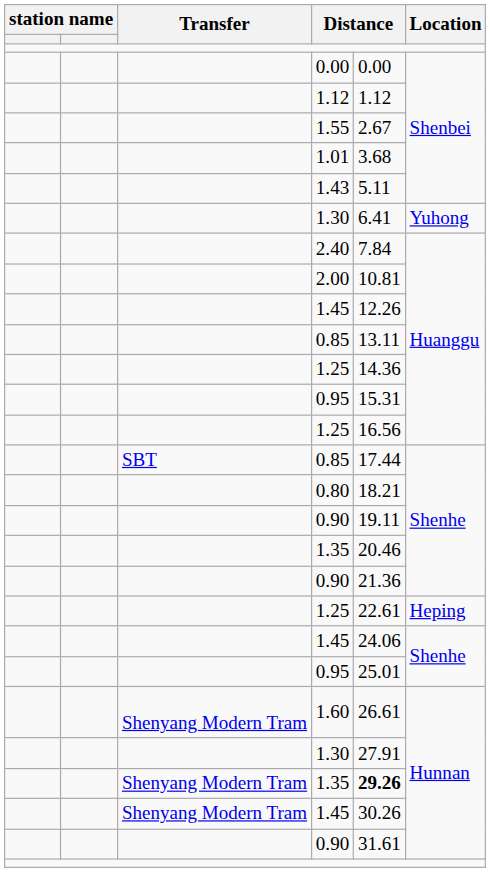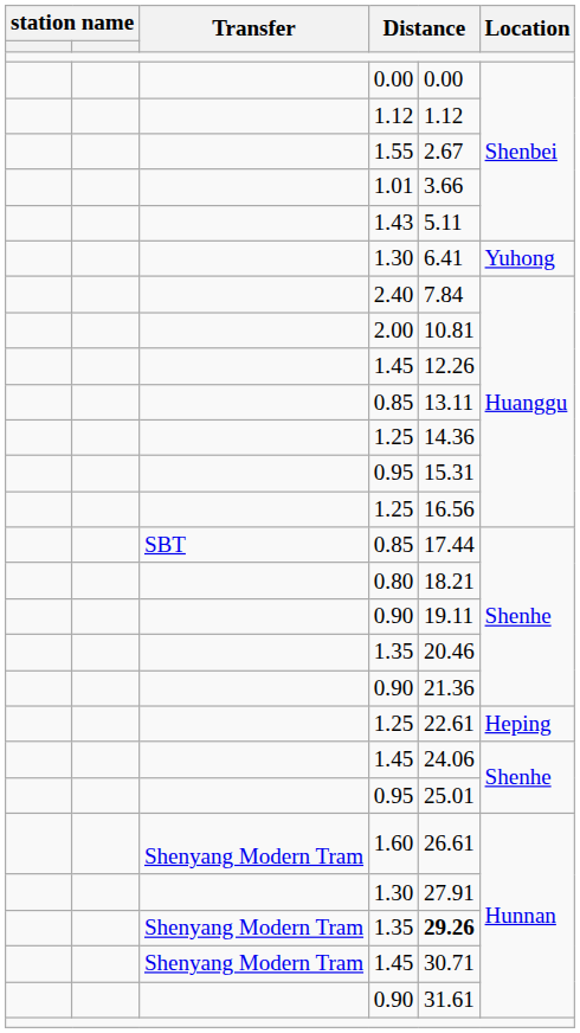 <table class="wikitable">
 <tr>
 <th colspan=2>station name</th>
 <th rowspan=2>Transfer</th>
 <th colspan="2" rowspan="2">Distance<br></th>
 <th rowspan=2>Location</th>
 </tr>
 <tr>
 <th></th>
 <th></th>
 </tr>
 <tr style="background:#">
 <td colspan = "6"></td>
 </tr>
 <tr>
 <td></td>
 <td></td>
 <td></td>
 <td>0.00</td>
 <td>0.00</td>
 <td rowspan="5"><a href='#'>Shenbei</a></td>
 </tr>
 <tr>
 <td></td>
 <td></td>
 <td></td>
 <td>1.12</td>
 <td>1.12</td>
 </tr>
 <tr>
 <td></td>
 <td></td>
 <td></td>
 <td>1.55</td>
 <td>2.67</td>
 </tr>
 <tr>
 <td></td>
 <td></td>
 <td></td>
 <td>1.01</td>
-<td>3.68</td>
+<td>3.66</td>
 </tr>
 <tr>
 <td></td>
 <td></td>
 <td></td>
 <td>1.43</td>
 <td>5.11</td>
 </tr>
 <tr>
 <td></td>
 <td></td>
 <td></td>
 <td>1.30</td>
 <td>6.41</td>
 <td rowspan="1"><a href='#'>Yuhong</a></td>
 </tr>
 <tr>
 <td></td>
 <td></td>
 <td></td>
 <td>2.40</td>
 <td>7.84</td>
 <td rowspan="7"><a href='#'>Huanggu</a></td>
 </tr>
 <tr>
 <td></td>
 <td></td>
 <td></td>
 <td>2.00</td>
 <td>10.81</td>
 </tr>
 <tr>
 <td></td>
 <td></td>
 <td></td>
 <td>1.45</td>
 <td>12.26</td>
 </tr>
 <tr>
 <td></td>
 <td></td>
 <td></td>
 <td>0.85</td>
 <td>13.11</td>
 </tr>
 <tr>
 <td></td>
 <td></td>
 <td></td>
 <td>1.25</td>
 <td>14.36</td>
 </tr>
 <tr>
 <td></td>
 <td></td>
 <td></td>
 <td>0.95</td>
 <td>15.31</td>
 </tr>
 <tr>
 <td></td>
 <td></td>
 <td></td>
 <td>1.25</td>
 <td>16.56</td>
 </tr>
 <tr>
 <td></td>
 <td></td>
 <td> <a href='#'>SBT</a></td>
 <td>0.85</td>
 <td>17.44</td>
 <td rowspan="5"><a href='#'>Shenhe</a></td>
 </tr>
 <tr>
 <td></td>
 <td></td>
 <td></td>
 <td>0.80</td>
 <td>18.21</td>
 </tr>
 <tr>
 <td></td>
 <td></td>
 <td></td>
 <td>0.90</td>
 <td>19.11</td>
 </tr>
 <tr>
 <td></td>
 <td></td>
 <td></td>
 <td>1.35</td>
 <td>20.46</td>
 </tr>
 <tr>
 <td></td>
 <td></td>
 <td></td>
 <td>0.90</td>
 <td>21.36</td>
 </tr>
 <tr>
 <td></td>
 <td></td>
 <td></td>
 <td>1.25</td>
 <td>22.61</td>
 <td><a href='#'>Heping</a></td>
 </tr>
 <tr>
 <td></td>
 <td></td>
 <td></td>
 <td>1.45</td>
 <td>24.06</td>
 <td rowspan="2"><a href='#'>Shenhe</a></td>
 </tr>
 <tr>
 <td></td>
 <td></td>
 <td></td>
 <td>0.95</td>
 <td>25.01</td>
 </tr>
 <tr>
 <td></td>
 <td></td>
 <td><br> <a href='#'>Shenyang Modern Tram</a></td>
 <td>1.60</td>
 <td>26.61</td>
 <td rowspan="5"><a href='#'>Hunnan</a></td>
 </tr>
 <tr>
 <td></td>
 <td></td>
 <td></td>
 <td>1.30</td>
 <td>27.91</td>
 </tr>
 <tr>
 <td></td>
 <td></td>
 <td> <a href='#'>Shenyang Modern Tram</a></td>
 <td>1.35</td>
 <td><strong>29.26</strong></td>
 </tr>
 <tr>
 <td></td>
 <td></td>
 <td> <a href='#'>Shenyang Modern Tram</a></td>
 <td>1.45</td>
-<td>30.26</td>
+<td>30.71</td>
 </tr>
 <tr>
 <td></td>
 <td></td>
 <td></td>
 <td>0.90</td>
 <td>31.61</td>
 </tr>
 <tr style="background:#">
 <td colspan = "6"></td>
 </tr>
 </table>
